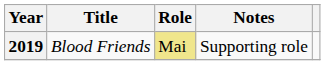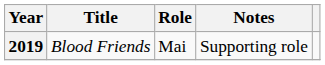 <table class="wikitable plainrowheaders sortable">
 <tr>
 <th scope="col">Year</th>
 <th scope="col">Title</th>
 <th scope="col">Role</th>
 <th scope="col">Notes</th>
 <th scope="col" class="unsortable"></th>
 </tr>
 <tr>
 <th scope="row">2019</th>
 <td><em>Blood Friends</em></td>
-<td style="background: khaki;">Mai</td>
+<td>Mai</td>
 <td>Supporting role</td>
 <td style="text-align:center"></td>
 </tr>
 <tr>
 </tr>
 </table>
